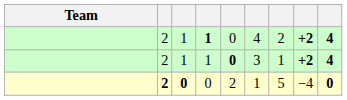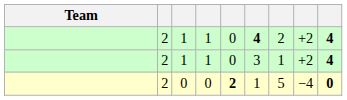 <table class="wikitable" style="text-align: center;">
 <tr>
 <th width=165>Team</th>
 <th wiBAN=20></th>
 <th width=20></th>
 <th width=20></th>
 <th width=20></th>
 <th width=20></th>
 <th width=20></th>
 <th width=20></th>
 <th width=20></th>
 </tr>
 <tr style="background:#cfc;">
 <td align=left></td>
 <td>2</td>
 <td>1</td>
-<td><strong>1</strong></td>
+<td>1</td>
 <td>0</td>
-<td>4</td>
+<td><strong>4</strong></td>
 <td>2</td>
-<td><strong>+2</strong></td>
+<td>+2</td>
 <td><strong>4</strong></td>
 </tr>
 <tr style="background:#cfc;">
 <td align=left></td>
 <td>2</td>
 <td>1</td>
 <td>1</td>
-<td><strong>0</strong></td>
+<td>0</td>
 <td>3</td>
 <td>1</td>
-<td><strong>+2</strong></td>
+<td>+2</td>
 <td><strong>4</strong></td>
 </tr>
 <tr style="background:#ffc;">
 <td align=left></td>
+<td>2</td>
+<td>0</td>
+<td>0</td>
 <td><strong>2</strong></td>
-<td><strong>0</strong></td>
-<td>0</td>
-<td>2</td>
 <td>1</td>
 <td>5</td>
 <td>−4</td>
 <td><strong>0</strong></td>
 </tr>
 </table>
